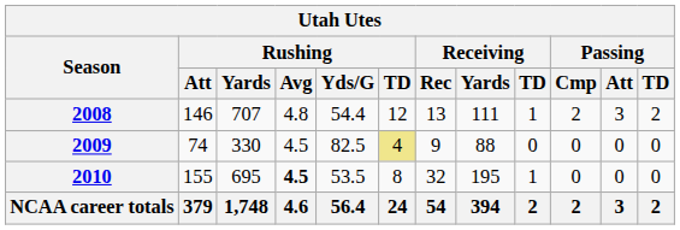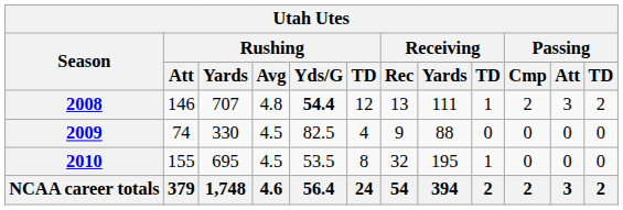 <table class="wikitable sortable" style="text-align:center;">
 <tr>
 <th colspan="15">Utah Utes</th>
 </tr>
 <tr>
 <th rowspan=2>Season</th>
 <th colspan=5>Rushing</th>
 <th colspan=3>Receiving</th>
 <th colspan=3>Passing</th>
 </tr>
 <tr>
 <th>Att</th>
 <th>Yards</th>
 <th>Avg</th>
 <th>Yds/G</th>
 <th>TD</th>
 <th>Rec</th>
 <th>Yards</th>
 <th>TD</th>
 <th>Cmp</th>
 <th>Att</th>
 <th>TD</th>
 </tr>
 <tr>
 <th><a href='#'>2008</a></th>
 <td>146</td>
 <td>707</td>
 <td>4.8</td>
-<td>54.4</td>
+<td><strong>54.4</strong></td>
 <td>12</td>
 <td>13</td>
 <td>111</td>
 <td>1</td>
 <td>2</td>
 <td>3</td>
 <td>2</td>
 </tr>
 <tr>
 <th><a href='#'>2009</a></th>
 <td>74</td>
 <td>330</td>
 <td>4.5</td>
 <td>82.5</td>
-<td style="background: khaki;">4</td>
+<td>4</td>
 <td>9</td>
 <td>88</td>
 <td>0</td>
 <td>0</td>
 <td>0</td>
 <td>0</td>
 </tr>
 <tr>
 <th><a href='#'>2010</a></th>
 <td>155</td>
 <td>695</td>
-<td><strong>4.5</strong></td>
+<td>4.5</td>
 <td>53.5</td>
 <td>8</td>
 <td>32</td>
 <td>195</td>
 <td>1</td>
 <td>0</td>
 <td>0</td>
 <td>0</td>
 </tr>
 <tr class="sortbottom">
 <th>NCAA career totals</th>
 <th>379</th>
 <th>1,748</th>
 <th>4.6</th>
 <th>56.4</th>
 <th>24</th>
 <th>54</th>
 <th>394</th>
 <th>2</th>
 <th>2</th>
 <th>3</th>
 <th>2</th>
 </tr>
 </table>
